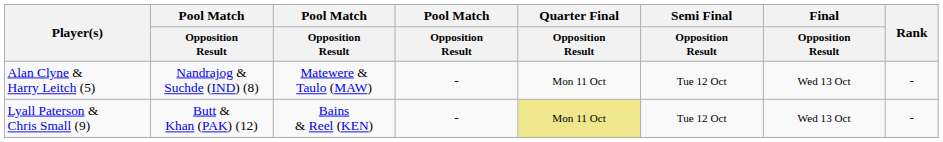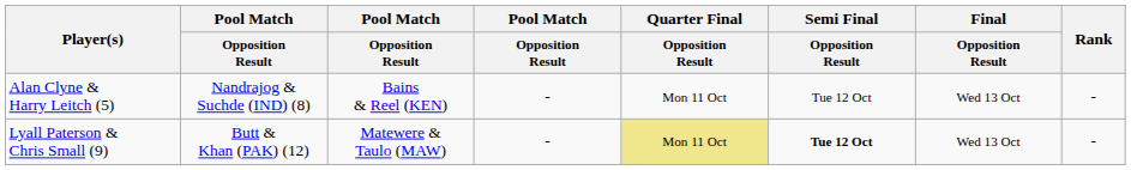 <table class=wikitable style="font-size:90%">
 <tr>
 <th rowspan="2" width=150>Player(s)</th>
 <th width=125>Pool Match</th>
 <th width=125>Pool Match</th>
 <th width=125>Pool Match</th>
 <th width=125>Quarter Final</th>
 <th width=125>Semi Final</th>
 <th width=125>Final</th>
 <th rowspan="2" width=50>Rank</th>
 </tr>
 <tr>
 <th style="line-height:1em"><small>Opposition<br>Result</small></th>
 <th style="line-height:1em"><small>Opposition<br>Result</small></th>
 <th style="line-height:1em"><small>Opposition<br>Result</small></th>
 <th style="line-height:1em"><small>Opposition<br>Result</small></th>
 <th style="line-height:1em"><small>Opposition<br>Result</small></th>
 <th style="line-height:1em"><small>Opposition<br>Result</small></th>
 </tr>
 <tr>
 <td><a href='#'>Alan Clyne</a> &<br><a href='#'>Harry Leitch</a> (5)</td>
 <td align="center"> <a href='#'>Nandrajog</a> &<br><a href='#'>Suchde</a> (<a href='#'>IND</a>) (8)</td>
-<td align="center"> <a href='#'>Matewere</a> &<br><a href='#'>Taulo</a> (<a href='#'>MAW</a>)</td>
+<td align="center"> <a href='#'>Bains</a><br>& <a href='#'>Reel</a> (<a href='#'>KEN</a>)</td>
 <td align="center">-</td>
 <td align="center"><small>Mon 11 Oct</small></td>
 <td align="center"><small>Tue 12 Oct</small></td>
 <td align="center"><small>Wed 13 Oct</small></td>
 <td align="center">-</td>
 </tr>
 <tr>
 <td><a href='#'>Lyall Paterson</a> &<br><a href='#'>Chris Small</a> (9)</td>
 <td align="center"> <a href='#'>Butt</a> &<br><a href='#'>Khan</a> (<a href='#'>PAK</a>) (12)</td>
-<td align="center"> <a href='#'>Bains</a><br>& <a href='#'>Reel</a> (<a href='#'>KEN</a>)</td>
+<td align="center"> <a href='#'>Matewere</a> &<br><a href='#'>Taulo</a> (<a href='#'>MAW</a>)</td>
 <td align="center">-</td>
 <td align="center" style="background: khaki;"><small>Mon 11 Oct</small></td>
-<td align="center"><small>Tue 12 Oct</small></td>
+<td align="center"><strong><small>Tue 12 Oct</small></strong></td>
 <td align="center"><small>Wed 13 Oct</small></td>
 <td align="center">-</td>
 </tr>
 </table>
